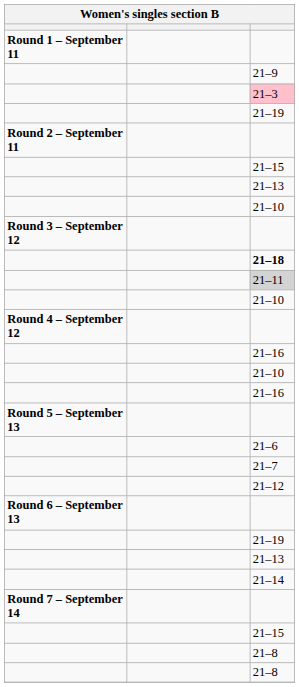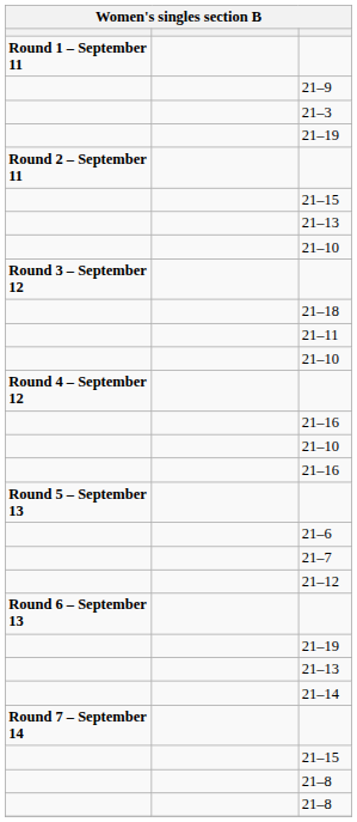 <table class="wikitable">
 <tr>
 <th colspan="3">Women's singles section B</th>
 </tr>
 <tr>
 <th width=150></th>
 <th width=150></th>
 <th width=50></th>
 </tr>
 <tr>
 <td><strong>Round 1 – September 11</strong></td>
 <td></td>
 <td></td>
 </tr>
 <tr>
 <td></td>
 <td></td>
 <td>21–9</td>
 </tr>
 <tr>
 <td></td>
 <td></td>
-<td style="background: pink;">21–3</td>
+<td>21–3</td>
 </tr>
 <tr>
 <td></td>
 <td></td>
 <td>21–19</td>
 </tr>
 <tr>
 <td><strong>Round 2 – September 11</strong></td>
 <td></td>
 <td></td>
 </tr>
 <tr>
 <td></td>
 <td></td>
 <td>21–15</td>
 </tr>
 <tr>
 <td></td>
 <td></td>
 <td>21–13</td>
 </tr>
 <tr>
 <td></td>
 <td></td>
 <td>21–10</td>
 </tr>
 <tr>
 <td><strong>Round 3 – September 12</strong></td>
 <td></td>
 <td></td>
 </tr>
 <tr>
 <td></td>
 <td></td>
-<td><strong>21–18</strong></td>
+<td>21–18</td>
 </tr>
 <tr>
 <td></td>
 <td></td>
-<td style="background: lightgrey;">21–11</td>
+<td>21–11</td>
 </tr>
 <tr>
 <td></td>
 <td></td>
 <td>21–10</td>
 </tr>
 <tr>
 <td><strong>Round 4 – September 12</strong></td>
 <td></td>
 <td></td>
 </tr>
 <tr>
 <td></td>
 <td></td>
 <td>21–16</td>
 </tr>
 <tr>
 <td></td>
 <td></td>
 <td>21–10</td>
 </tr>
 <tr>
 <td></td>
 <td></td>
 <td>21–16</td>
 </tr>
 <tr>
 <td><strong>Round 5 – September 13</strong></td>
 <td></td>
 <td></td>
 </tr>
 <tr>
 <td></td>
 <td></td>
 <td>21–6</td>
 </tr>
 <tr>
 <td></td>
 <td></td>
 <td>21–7</td>
 </tr>
 <tr>
 <td></td>
 <td></td>
 <td>21–12</td>
 </tr>
 <tr>
 <td><strong>Round 6  – September 13</strong></td>
 <td></td>
 <td></td>
 </tr>
 <tr>
 <td></td>
 <td></td>
 <td>21–19</td>
 </tr>
 <tr>
 <td></td>
 <td></td>
 <td>21–13</td>
 </tr>
 <tr>
 <td></td>
 <td></td>
 <td>21–14</td>
 </tr>
 <tr>
 <td><strong>Round 7 – September 14</strong></td>
 <td></td>
 <td></td>
 </tr>
 <tr>
 <td></td>
 <td></td>
 <td>21–15</td>
 </tr>
 <tr>
 <td></td>
 <td></td>
 <td>21–8</td>
 </tr>
 <tr>
 <td></td>
 <td></td>
 <td>21–8</td>
 </tr>
 <tr>
 </tr>
 </table>
